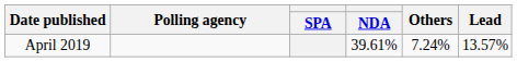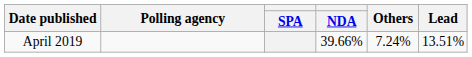 <table class="wikitable sortable" style="text-align:center;font-size:95%;line-height:16px">
 <tr>
 <th width="100" rowspan="2">Date published</th>
 <th width="175" rowspan="2">Polling agency</th>
 <th style="background:"></th>
 <th style="background:"></th>
 <th width="50" class="unsortable" rowspan="2">Others</th>
 <th rowspan="2">Lead</th>
 </tr>
 <tr>
 <th width="50" class="unsortable"><a href='#'>SPA</a></th>
 <th width="50" class="unsortable"><a href='#'>NDA</a></th>
 </tr>
 <tr>
 <td>April 2019</td>
 <td></td>
 <th style="background:"><strong></strong></th>
-<td>39.61%</td>
+<td>39.66%</td>
 <td>7.24%</td>
-<td style="background:"><span>13.57%</span></td>
+<td style="background:"><span>13.51%</span></td>
 </tr>
 </table>
